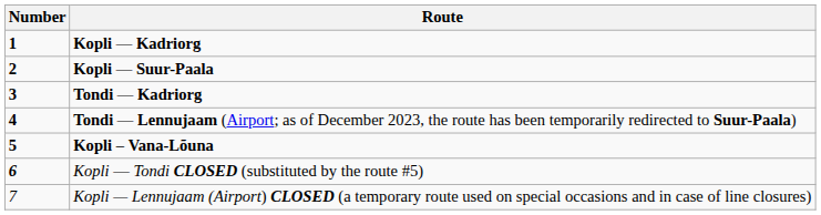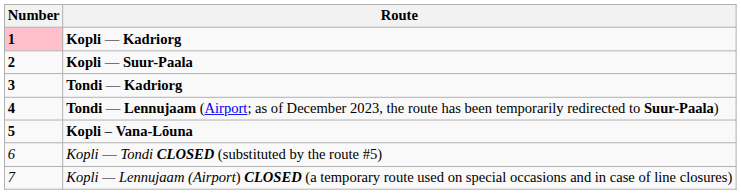 <table class="wikitable">
 <tr>
 <th>Number</th>
 <th>Route</th>
 </tr>
 <tr>
-<td><strong>1</strong></td>
+<td style="background: pink;"><strong>1</strong></td>
 <td><strong>Kopli</strong> — <strong>Kadriorg</strong></td>
 </tr>
 <tr>
 <td><strong>2</strong></td>
 <td><strong>Kopli</strong> — <strong>Suur-Paala</strong></td>
 </tr>
 <tr>
 <td><strong>3</strong></td>
 <td><strong>Tondi</strong> — <strong>Kadriorg</strong></td>
 </tr>
 <tr>
 <td><strong>4</strong></td>
 <td><strong>Tondi</strong> — <strong>Lennujaam</strong> (<a href='#'>Airport</a>; as of December 2023, the route has been temporarily redirected to <strong>Suur-Paala</strong>)</td>
 </tr>
 <tr>
 <td><strong>5</strong></td>
 <td><strong>Kopli</strong> – <strong>Vana-Lõuna</strong></td>
 </tr>
 <tr>
-<td><strong><em>6</em></strong></td>
+<td><em>6</em></td>
 <td><em>Kopli</em> — <em>Tondi</em> <strong><em>CLOSED</em></strong> (substituted by the route #5)</td>
 </tr>
 <tr>
 <td><em>7</em></td>
 <td><em>Kopli — Lennujaam (Airport</em>) <strong><em>CLOSED</em></strong> (a temporary route used on special occasions and in case of line closures)</td>
 </tr>
 </table>
